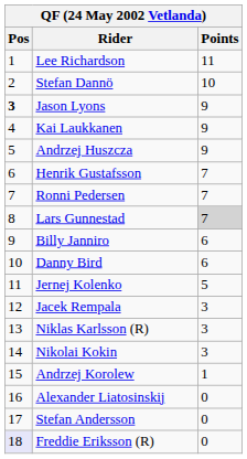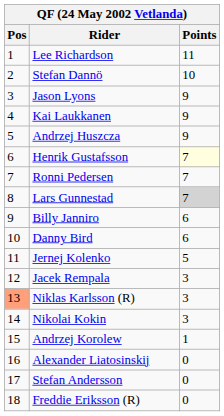 <table class="wikitable">
 <tr>
 <th colspan="6">QF (24 May 2002  <a href='#'>Vetlanda</a>)</th>
 </tr>
 <tr>
 <th width=20>Pos</th>
 <th width=180>Rider</th>
 <th width=40>Points</th>
 </tr>
 <tr>
 <td>1</td>
 <td style="text-align:left;"> <a href='#'>Lee Richardson</a></td>
 <td>11</td>
 </tr>
 <tr>
 <td>2</td>
 <td style="text-align:left;"> <a href='#'>Stefan Dannö</a></td>
 <td>10</td>
 </tr>
 <tr>
-<td><strong>3</strong></td>
+<td>3</td>
 <td style="text-align:left;"> <a href='#'>Jason Lyons</a></td>
 <td>9</td>
 </tr>
 <tr>
 <td>4</td>
 <td style="text-align:left;"> <a href='#'>Kai Laukkanen</a></td>
 <td>9</td>
 </tr>
 <tr>
 <td>5</td>
 <td style="text-align:left;"> <a href='#'>Andrzej Huszcza</a></td>
 <td>9</td>
 </tr>
 <tr>
 <td>6</td>
 <td style="text-align:left;"> <a href='#'>Henrik Gustafsson</a></td>
-<td>7</td>
+<td style="background: lightyellow;">7</td>
 </tr>
 <tr>
 <td>7</td>
 <td style="text-align:left;"> <a href='#'>Ronni Pedersen</a></td>
 <td>7</td>
 </tr>
 <tr>
 <td>8</td>
 <td style="text-align:left;"> <a href='#'>Lars Gunnestad</a></td>
 <td style="background: lightgrey;">7</td>
 </tr>
 <tr>
 <td>9</td>
 <td style="text-align:left;"> <a href='#'>Billy Janniro</a></td>
 <td>6</td>
 </tr>
 <tr>
 <td>10</td>
 <td style="text-align:left;"> <a href='#'>Danny Bird</a></td>
 <td>6</td>
 </tr>
 <tr>
 <td>11</td>
 <td style="text-align:left;"> <a href='#'>Jernej Kolenko</a></td>
 <td>5</td>
 </tr>
 <tr>
 <td>12</td>
 <td style="text-align:left;"> <a href='#'>Jacek Rempala</a></td>
 <td>3</td>
 </tr>
 <tr>
-<td>13</td>
+<td style="background: lightsalmon;">13</td>
 <td style="text-align:left;"> <a href='#'>Niklas Karlsson</a> (R)</td>
 <td>3</td>
 </tr>
 <tr>
 <td>14</td>
 <td style="text-align:left;"> <a href='#'>Nikolai Kokin</a></td>
 <td>3</td>
 </tr>
 <tr>
 <td>15</td>
 <td style="text-align:left;"> <a href='#'>Andrzej Korolew</a></td>
 <td>1</td>
 </tr>
 <tr>
 <td>16</td>
 <td style="text-align:left;"> <a href='#'>Alexander Liatosinskij</a></td>
 <td>0</td>
 </tr>
 <tr>
 <td>17</td>
 <td style="text-align:left;"> <a href='#'>Stefan Andersson</a></td>
 <td>0</td>
 </tr>
 <tr>
-<td style="background: lavender;">18</td>
+<td>18</td>
 <td style="text-align:left;"> <a href='#'>Freddie Eriksson</a> (R)</td>
 <td>0</td>
 </tr>
 </table>
